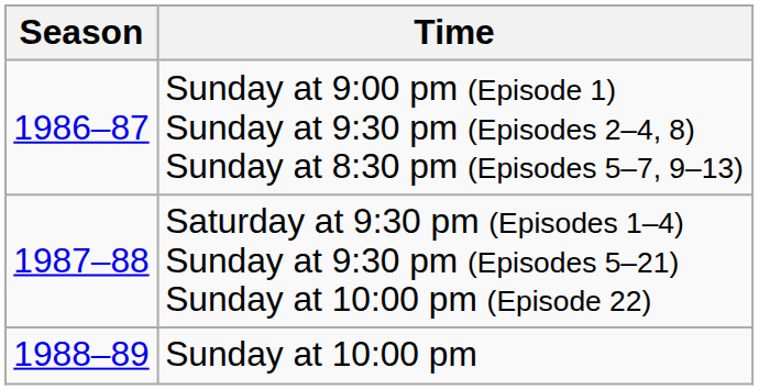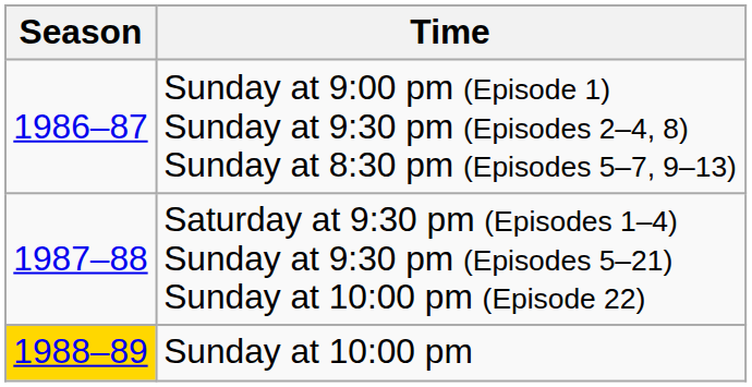 <table class="wikitable">
 <tr>
 <th>Season</th>
 <th>Time</th>
 </tr>
 <tr>
 <td><a href='#'>1986–87</a></td>
 <td>Sunday at 9:00 pm <small>(Episode 1)</small><br>Sunday at 9:30 pm <small>(Episodes 2–4, 8)</small><br>Sunday at 8:30 pm <small>(Episodes 5–7, 9–13)</small></td>
 </tr>
 <tr>
 <td><a href='#'>1987–88</a></td>
 <td>Saturday at 9:30 pm <small>(Episodes 1–4)</small><br>Sunday at 9:30 pm <small>(Episodes 5–21)</small><br>Sunday at 10:00 pm <small>(Episode 22)</small></td>
 </tr>
 <tr>
-<td><a href='#'>1988–89</a></td>
+<td style="background: gold;"><a href='#'>1988–89</a></td>
 <td>Sunday at 10:00 pm</td>
 </tr>
 </table>
